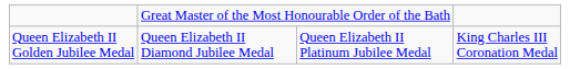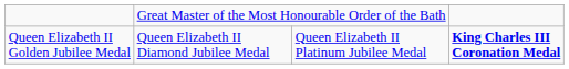 <table class="wikitable" style="margin:auto;">
 <tr>
 <td></td>
 <td colspan="2"><a href='#'>Great Master of the Most Honourable Order of the Bath</a></td>
 <td></td>
 </tr>
 <tr>
 <td><a href='#'>Queen Elizabeth II<br>Golden Jubilee Medal</a></td>
 <td><a href='#'>Queen Elizabeth II<br>Diamond Jubilee Medal</a></td>
 <td><a href='#'>Queen Elizabeth II<br>Platinum Jubilee Medal</a></td>
-<td><a href='#'>King Charles III<br>Coronation Medal</a></td>
+<td><strong><a href='#'>King Charles III<br>Coronation Medal</a></strong></td>
 </tr>
 </table>
